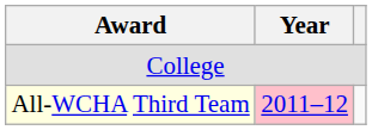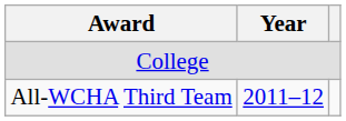 <table class="wikitable">
 <tr>
 <th>Award</th>
 <th>Year</th>
 <th></th>
 </tr>
 <tr ALIGN="center" bgcolor="#e0e0e0">
 <td colspan="3"><a href='#'>College</a></td>
 </tr>
 <tr>
-<td style="background: lightyellow;">All-<a href='#'>WCHA</a> <a href='#'>Third Team</a></td>
-<td style="background: pink;"><a href='#'>2011–12</a></td>
+<td>All-<a href='#'>WCHA</a> <a href='#'>Third Team</a></td>
+<td><a href='#'>2011–12</a></td>
 <td></td>
 </tr>
 </table>
